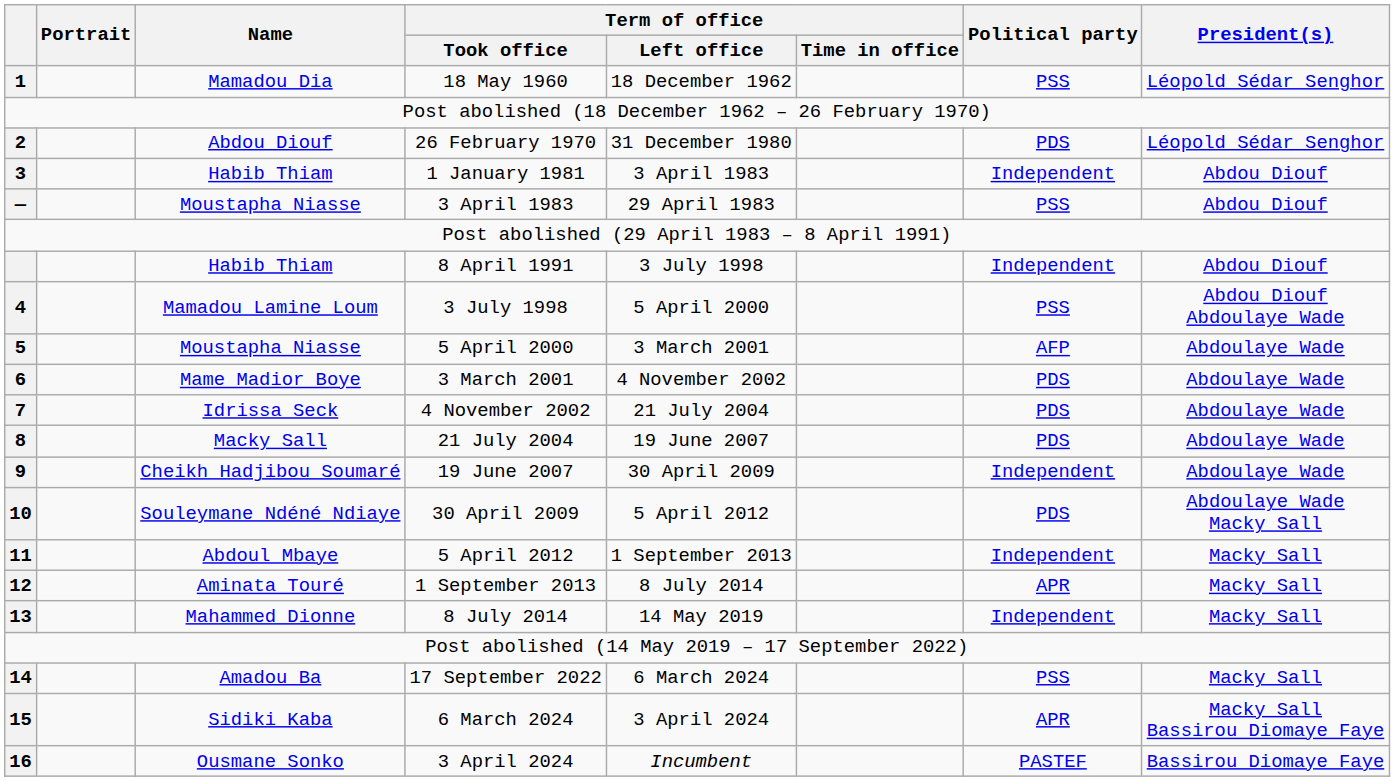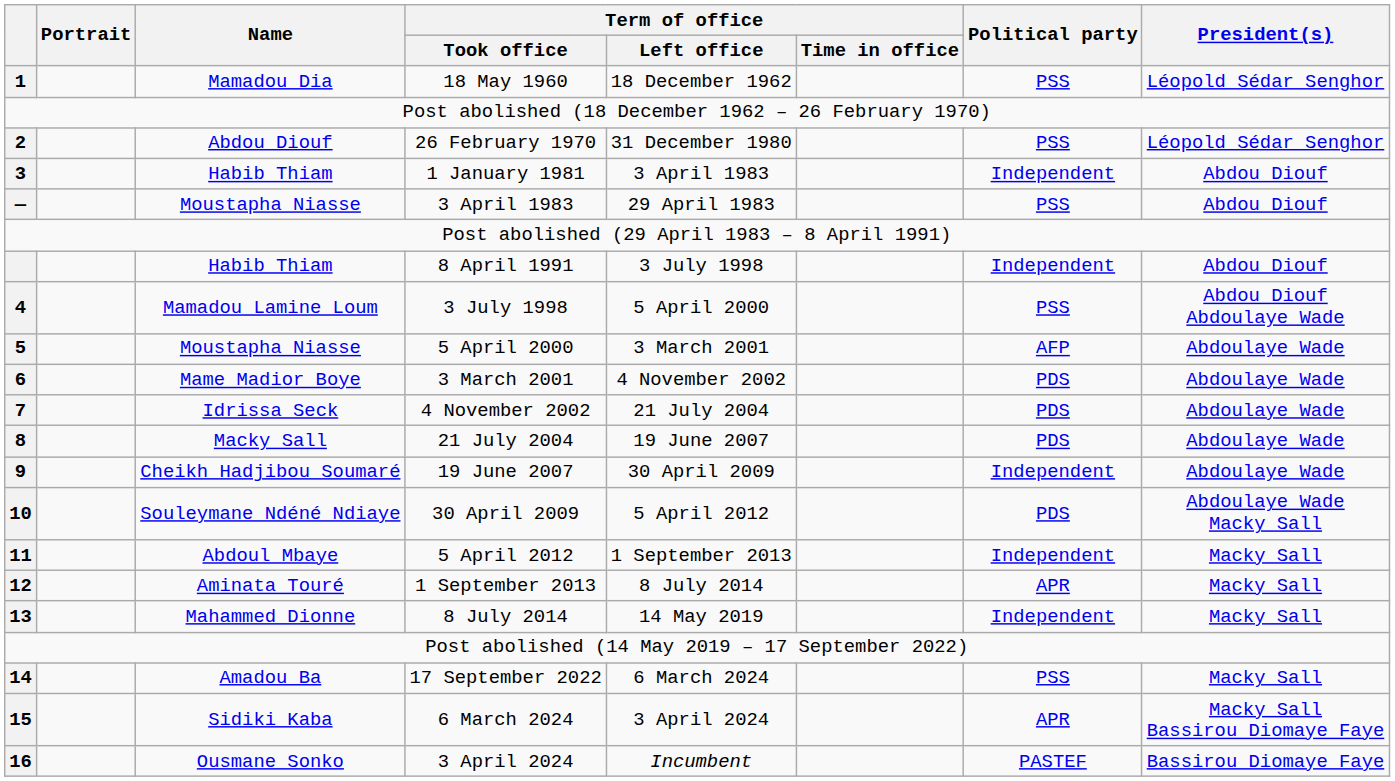 <table class="wikitable" style="text-align:center">
 <tr>
 <th rowspan="2"></th>
 <th rowspan="2">Portrait</th>
 <th rowspan="2">Name<br></th>
 <th colspan="3">Term of office</th>
 <th rowspan="2">Political party</th>
 <th rowspan="2"><a href='#'>President(s)</a></th>
 </tr>
 <tr>
 <th>Took office</th>
 <th>Left office</th>
 <th>Time in office</th>
 </tr>
 <tr>
 <th style="background-color:">1</th>
 <td></td>
 <td><a href='#'>Mamadou Dia</a><br></td>
 <td>18 May 1960</td>
 <td>18 December 1962</td>
 <td></td>
 <td><a href='#'>PSS</a></td>
 <td><a href='#'>Léopold Sédar Senghor</a></td>
 </tr>
 <tr>
 <td colspan="8">Post abolished (18 December 1962 – 26 February 1970)</td>
 </tr>
 <tr>
 <th style="background-color:">2</th>
 <td></td>
 <td><a href='#'>Abdou Diouf</a><br></td>
 <td>26 February 1970</td>
 <td>31 December 1980</td>
 <td></td>
-<td><a href='#'>PDS</a></td>
+<td><a href='#'>PSS</a></td>
 <td><a href='#'>Léopold Sédar Senghor</a></td>
 </tr>
 <tr>
 <th style="background-color:">3</th>
 <td></td>
 <td><a href='#'>Habib Thiam</a><br></td>
 <td>1 January 1981</td>
 <td>3 April 1983</td>
 <td></td>
 <td><a href='#'>Independent</a></td>
 <td><a href='#'>Abdou Diouf</a></td>
 </tr>
 <tr>
 <th style="background-color:">—</th>
 <td></td>
 <td><a href='#'>Moustapha Niasse</a><br></td>
 <td>3 April 1983</td>
 <td>29 April 1983</td>
 <td></td>
 <td><a href='#'>PSS</a></td>
 <td><a href='#'>Abdou Diouf</a></td>
 </tr>
 <tr>
 <td colspan="8">Post abolished (29 April 1983 – 8 April 1991)</td>
 </tr>
 <tr>
 <th style="background-color:"></th>
 <td></td>
 <td><a href='#'>Habib Thiam</a><br></td>
 <td>8 April 1991</td>
 <td>3 July 1998</td>
 <td></td>
 <td><a href='#'>Independent</a></td>
 <td><a href='#'>Abdou Diouf</a></td>
 </tr>
 <tr>
 <th style="background-color:">4</th>
 <td></td>
 <td><a href='#'>Mamadou Lamine Loum</a><br></td>
 <td>3 July 1998</td>
 <td>5 April 2000</td>
 <td></td>
 <td><a href='#'>PSS</a></td>
 <td><a href='#'>Abdou Diouf</a><br><a href='#'>Abdoulaye Wade</a></td>
 </tr>
 <tr>
 <th style="background-color:">5</th>
 <td></td>
 <td><a href='#'>Moustapha Niasse</a><br></td>
 <td>5 April 2000</td>
 <td>3 March 2001</td>
 <td></td>
 <td><a href='#'>AFP</a></td>
 <td><a href='#'>Abdoulaye Wade</a></td>
 </tr>
 <tr>
 <th style="background-color:">6</th>
 <td></td>
 <td><a href='#'>Mame Madior Boye</a><br></td>
 <td>3 March 2001</td>
 <td>4 November 2002</td>
 <td></td>
 <td><a href='#'>PDS</a></td>
 <td><a href='#'>Abdoulaye Wade</a></td>
 </tr>
 <tr>
 <th style="background-color:">7</th>
 <td></td>
 <td><a href='#'>Idrissa Seck</a><br></td>
 <td>4 November 2002</td>
 <td>21 July 2004</td>
 <td></td>
 <td><a href='#'>PDS</a></td>
 <td><a href='#'>Abdoulaye Wade</a></td>
 </tr>
 <tr>
 <th style="background-color:">8</th>
 <td></td>
 <td><a href='#'>Macky Sall</a><br></td>
 <td>21 July 2004</td>
 <td>19 June 2007</td>
 <td></td>
 <td><a href='#'>PDS</a></td>
 <td><a href='#'>Abdoulaye Wade</a></td>
 </tr>
 <tr>
 <th style="background-color:">9</th>
 <td></td>
 <td><a href='#'>Cheikh Hadjibou Soumaré</a><br></td>
 <td>19 June 2007</td>
 <td>30 April 2009</td>
 <td></td>
 <td><a href='#'>Independent</a></td>
 <td><a href='#'>Abdoulaye Wade</a></td>
 </tr>
 <tr>
 <th style="background-color:">10</th>
 <td></td>
 <td><a href='#'>Souleymane Ndéné Ndiaye</a><br></td>
 <td>30 April 2009</td>
 <td>5 April 2012</td>
 <td></td>
 <td><a href='#'>PDS</a></td>
 <td><a href='#'>Abdoulaye Wade</a><br><a href='#'>Macky Sall</a></td>
 </tr>
 <tr>
 <th style="background-color:">11</th>
 <td></td>
 <td><a href='#'>Abdoul Mbaye</a><br></td>
 <td>5 April 2012</td>
 <td>1 September 2013</td>
 <td></td>
 <td><a href='#'>Independent</a></td>
 <td><a href='#'>Macky Sall</a></td>
 </tr>
 <tr>
 <th style="background-color:">12</th>
 <td></td>
 <td><a href='#'>Aminata Touré</a><br></td>
 <td>1 September 2013</td>
 <td>8 July 2014</td>
 <td></td>
 <td><a href='#'>APR</a></td>
 <td><a href='#'>Macky Sall</a></td>
 </tr>
 <tr>
 <th style="background-color:">13</th>
 <td></td>
 <td><a href='#'>Mahammed Dionne</a><br></td>
 <td>8 July 2014</td>
 <td>14 May 2019</td>
 <td></td>
 <td><a href='#'>Independent</a></td>
 <td><a href='#'>Macky Sall</a></td>
 </tr>
 <tr>
 <td colspan="8">Post abolished (14 May 2019 – 17 September 2022)</td>
 </tr>
 <tr>
 <th style="background-color:">14</th>
 <td></td>
 <td><a href='#'>Amadou Ba</a><br></td>
 <td>17 September 2022</td>
 <td>6 March 2024</td>
 <td></td>
 <td><a href='#'>PSS</a></td>
 <td><a href='#'>Macky Sall</a></td>
 </tr>
 <tr>
 <th style="background-color:">15</th>
 <td></td>
 <td><a href='#'>Sidiki Kaba</a><br></td>
 <td>6 March 2024</td>
 <td>3 April 2024</td>
 <td></td>
 <td><a href='#'>APR</a></td>
 <td><a href='#'>Macky Sall</a><br><a href='#'>Bassirou Diomaye Faye</a></td>
 </tr>
 <tr>
 <th style="background-color:">16</th>
 <td></td>
 <td><a href='#'>Ousmane Sonko</a><br></td>
 <td>3 April 2024</td>
 <td><em>Incumbent</em></td>
 <td></td>
 <td><a href='#'>PASTEF</a></td>
 <td><a href='#'>Bassirou Diomaye Faye</a></td>
 </tr>
 </table>
